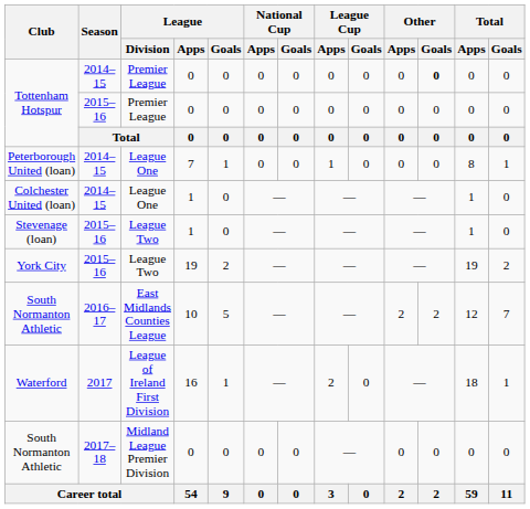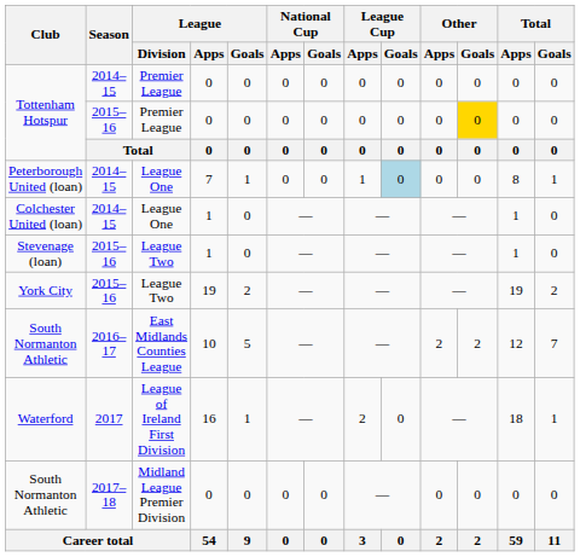 <table class=wikitable style="text-align: center">
 <tr>
 <th rowspan=2>Club</th>
 <th rowspan=2>Season</th>
 <th colspan=3>League</th>
 <th colspan=2>National Cup</th>
 <th colspan=2>League Cup</th>
 <th colspan=2>Other</th>
 <th colspan=2>Total</th>
 </tr>
 <tr>
 <th>Division</th>
 <th>Apps</th>
 <th>Goals</th>
 <th>Apps</th>
 <th>Goals</th>
 <th>Apps</th>
 <th>Goals</th>
 <th>Apps</th>
 <th>Goals</th>
 <th>Apps</th>
 <th>Goals</th>
 </tr>
 <tr>
 <td rowspan=3><a href='#'>Tottenham Hotspur</a></td>
 <td><a href='#'>2014–15</a></td>
 <td><a href='#'>Premier League</a></td>
 <td>0</td>
 <td>0</td>
 <td>0</td>
 <td>0</td>
 <td>0</td>
 <td>0</td>
 <td>0</td>
-<td><strong>0</strong></td>
+<td>0</td>
 <td>0</td>
 <td>0</td>
 </tr>
 <tr>
 <td><a href='#'>2015–16</a></td>
 <td>Premier League</td>
 <td>0</td>
 <td>0</td>
 <td>0</td>
 <td>0</td>
 <td>0</td>
 <td>0</td>
 <td>0</td>
-<td>0</td>
+<td style="background: gold;">0</td>
 <td>0</td>
 <td>0</td>
 </tr>
 <tr>
 <th colspan=2>Total</th>
 <th>0</th>
 <th>0</th>
 <th>0</th>
 <th>0</th>
 <th>0</th>
 <th>0</th>
 <th>0</th>
 <th>0</th>
 <th>0</th>
 <th>0</th>
 </tr>
 <tr>
 <td><a href='#'>Peterborough United</a> (loan)</td>
 <td><a href='#'>2014–15</a></td>
 <td><a href='#'>League One</a></td>
 <td>7</td>
 <td>1</td>
 <td>0</td>
 <td>0</td>
 <td>1</td>
-<td>0</td>
+<td style="background: lightblue;">0</td>
 <td>0</td>
 <td>0</td>
 <td>8</td>
 <td>1</td>
 </tr>
 <tr>
 <td><a href='#'>Colchester United</a> (loan)</td>
 <td><a href='#'>2014–15</a></td>
 <td>League One</td>
 <td>1</td>
 <td>0</td>
 <td colspan=2>—</td>
 <td colspan=2>—</td>
 <td colspan=2>—</td>
 <td>1</td>
 <td>0</td>
 </tr>
 <tr>
 <td><a href='#'>Stevenage</a> (loan)</td>
 <td><a href='#'>2015–16</a></td>
 <td><a href='#'>League Two</a></td>
 <td>1</td>
 <td>0</td>
 <td colspan=2>—</td>
 <td colspan=2>—</td>
 <td colspan=2>—</td>
 <td>1</td>
 <td>0</td>
 </tr>
 <tr>
 <td><a href='#'>York City</a></td>
 <td><a href='#'>2015–16</a></td>
 <td>League Two</td>
 <td>19</td>
 <td>2</td>
 <td colspan=2>—</td>
 <td colspan=2>—</td>
 <td colspan=2>—</td>
 <td>19</td>
 <td>2</td>
 </tr>
 <tr>
 <td><a href='#'>South Normanton Athletic</a></td>
 <td><a href='#'>2016–17</a></td>
 <td><a href='#'>East Midlands Counties League</a></td>
 <td>10</td>
 <td>5</td>
 <td colspan=2>—</td>
 <td colspan=2>—</td>
 <td>2</td>
 <td>2</td>
 <td>12</td>
 <td>7</td>
 </tr>
 <tr>
 <td><a href='#'>Waterford</a></td>
 <td><a href='#'>2017</a></td>
 <td><a href='#'>League of Ireland First Division</a></td>
 <td>16</td>
 <td>1</td>
 <td colspan=2>—</td>
 <td>2</td>
 <td>0</td>
 <td colspan=2>—</td>
 <td>18</td>
 <td>1</td>
 </tr>
 <tr>
 <td>South Normanton Athletic</td>
 <td><a href='#'>2017–18</a></td>
 <td><a href='#'>Midland League</a> Premier Division</td>
 <td>0</td>
 <td>0</td>
 <td>0</td>
 <td>0</td>
 <td colspan=2>—</td>
 <td>0</td>
 <td>0</td>
 <td>0</td>
 <td>0</td>
 </tr>
 <tr>
 <th colspan=3>Career total</th>
 <th>54</th>
 <th>9</th>
 <th>0</th>
 <th>0</th>
 <th>3</th>
 <th>0</th>
 <th>2</th>
 <th>2</th>
 <th>59</th>
 <th>11</th>
 </tr>
 </table>
